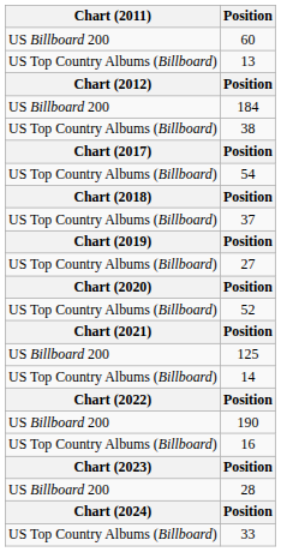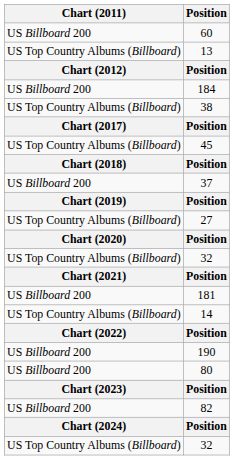 <table class="wikitable">
 <tr>
 <th>Chart (2011)</th>
 <th>Position</th>
 </tr>
 <tr>
 <td>US <em>Billboard</em> 200</td>
 <td style="text-align:center;">60</td>
 </tr>
 <tr>
 <td>US Top Country Albums (<em>Billboard</em>)</td>
 <td style="text-align:center;">13</td>
 </tr>
 <tr>
 <th>Chart (2012)</th>
 <th>Position</th>
 </tr>
 <tr>
 <td>US <em>Billboard</em> 200</td>
 <td style="text-align:center;">184</td>
 </tr>
 <tr>
 <td>US Top Country Albums (<em>Billboard</em>)</td>
 <td style="text-align:center;">38</td>
 </tr>
 <tr>
 <th>Chart (2017)</th>
 <th>Position</th>
 </tr>
 <tr>
 <td>US Top Country Albums (<em>Billboard</em>)</td>
-<td style="text-align:center;">54</td>
+<td style="text-align:center;">45</td>
 </tr>
 <tr>
 <th>Chart (2018)</th>
 <th>Position</th>
 </tr>
 <tr>
-<td>US Top Country Albums (<em>Billboard</em>)</td>
+<td>US <em>Billboard</em> 200</td>
 <td style="text-align:center;">37</td>
 </tr>
 <tr>
 <th>Chart (2019)</th>
 <th>Position</th>
 </tr>
 <tr>
 <td>US Top Country Albums (<em>Billboard</em>)</td>
 <td style="text-align:center;">27</td>
 </tr>
 <tr>
 <th>Chart (2020)</th>
 <th>Position</th>
 </tr>
 <tr>
 <td>US Top Country Albums (<em>Billboard</em>)</td>
-<td style="text-align:center;">52</td>
+<td style="text-align:center;">32</td>
 </tr>
 <tr>
 <th>Chart (2021)</th>
 <th>Position</th>
 </tr>
 <tr>
 <td>US <em>Billboard</em> 200</td>
-<td style="text-align:center;">125</td>
+<td style="text-align:center;">181</td>
 </tr>
 <tr>
 <td>US Top Country Albums (<em>Billboard</em>)</td>
 <td style="text-align:center;">14</td>
 </tr>
 <tr>
 <th>Chart (2022)</th>
 <th>Position</th>
 </tr>
 <tr>
 <td>US <em>Billboard</em> 200</td>
 <td style="text-align:center;">190</td>
 </tr>
 <tr>
-<td>US Top Country Albums (<em>Billboard</em>)</td>
-<td style="text-align:center;">16</td>
+<td>US <em>Billboard</em> 200</td>
+<td style="text-align:center;">80</td>
 </tr>
 <tr>
 <th>Chart (2023)</th>
 <th>Position</th>
 </tr>
 <tr>
 <td>US <em>Billboard</em> 200</td>
-<td style="text-align:center;">28</td>
+<td style="text-align:center;">82</td>
 </tr>
 <tr>
 <th>Chart (2024)</th>
 <th>Position</th>
 </tr>
 <tr>
 <td>US Top Country Albums (<em>Billboard</em>)</td>
-<td style="text-align:center;">33</td>
+<td style="text-align:center;">32</td>
 </tr>
 </table>
